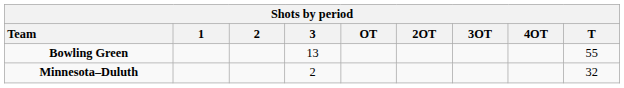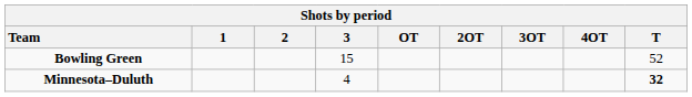 <table class="wikitable" style="width:50em; text-align:right;">
 <tr>
 <th colspan=9>Shots by period</th>
 </tr>
 <tr>
 <th style="width:10em; text-align:left;">Team</th>
 <th style="width:3em;">1</th>
 <th style="width:3em;">2</th>
 <th style="width:3em;">3</th>
 <th style="width:3em;">OT</th>
 <th style="width:3em;">2OT</th>
 <th style="width:3em;">3OT</th>
 <th style="width:3em;">4OT</th>
 <th style="width:3em;">T</th>
 </tr>
 <tr>
 <td align=center><strong>Bowling Green</strong></td>
 <td align=center></td>
 <td align=center></td>
-<td align=center>13</td>
+<td align=center>15</td>
 <td align=center></td>
 <td align=center></td>
 <td align=center></td>
 <td align=center></td>
-<td align=center>55</td>
+<td align=center>52</td>
 </tr>
 <tr>
 <td align=center><strong>Minnesota–Duluth</strong></td>
 <td align=center></td>
 <td align=center></td>
-<td align=center>2</td>
+<td align=center>4</td>
 <td align=center></td>
 <td align=center></td>
 <td align=center></td>
 <td align=center></td>
-<td align=center>32</td>
+<td align=center><strong>32</strong></td>
 </tr>
 </table>
